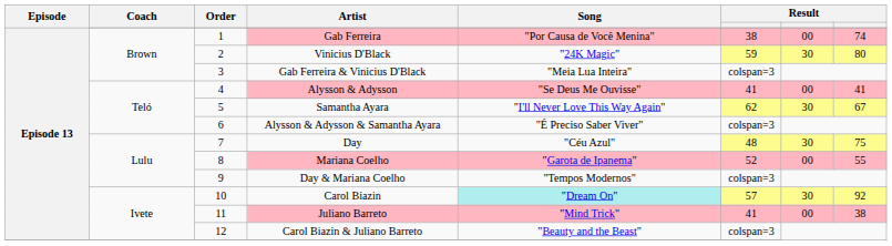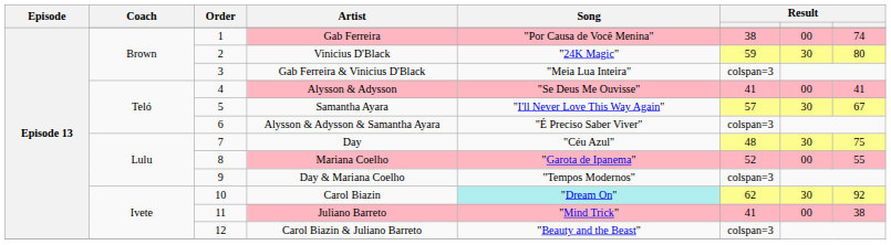 <table class="wikitable" style="text-align:center; width:100%;">
 <tr>
 <th scope="col" width="08%" rowspan=2>Episode</th>
 <th scope="col" width="10%" rowspan=2>Coach</th>
 <th scope="col" width="05%" rowspan=2>Order</th>
 <th scope="col" width="20%" rowspan=2>Artist</th>
 <th scope="col" width="25%" rowspan=2>Song</th>
 <th scope="col" width="15%" colspan=3>Result</th>
 </tr>
 <tr>
 <th scope="col" width="05%"></th>
 <th scope="col" width="05%"></th>
 <th scope="col" width="05%"></th>
 </tr>
 <tr>
 <th scope="col" rowspan=13>Episode 13<br></th>
 </tr>
 <tr>
 <td rowspan=3>Brown</td>
 <td>1</td>
 <td bgcolor=FFB6C1>Gab Ferreira</td>
 <td bgcolor=FFB6C1>"Por Causa de Você Menina"</td>
 <td bgcolor=FFB6C1>38</td>
 <td bgcolor=FFB6C1>00</td>
 <td bgcolor=FFB6C1>74</td>
 </tr>
 <tr>
 <td>2</td>
 <td>Vinicius D'Black</td>
 <td>"<a href='#'>24K Magic</a>"</td>
 <td bgcolor=FDFC8F>59</td>
 <td bgcolor=FDFC8F>30</td>
 <td bgcolor=FDFC8F>80</td>
 </tr>
 <tr>
 <td>3</td>
 <td>Gab Ferreira & Vinicius D'Black</td>
 <td>"Meia Lua Inteira"</td>
 <td>colspan=3 </td>
 </tr>
 <tr>
 <td rowspan=3>Teló</td>
 <td>4</td>
 <td bgcolor=FFB6C1>Alysson & Adysson</td>
 <td bgcolor=FFB6C1>"Se Deus Me Ouvisse"</td>
 <td bgcolor=FFB6C1>41</td>
 <td bgcolor=FFB6C1>00</td>
 <td bgcolor=FFB6C1>41</td>
 </tr>
 <tr>
 <td>5</td>
 <td>Samantha Ayara</td>
 <td>"<a href='#'>I'll Never Love This Way Again</a>"</td>
-<td bgcolor=FDFC8F>62</td>
+<td bgcolor=FDFC8F>57</td>
 <td bgcolor=FDFC8F>30</td>
 <td bgcolor=FDFC8F>67</td>
 </tr>
 <tr>
 <td>6</td>
 <td>Alysson & Adysson & Samantha Ayara</td>
 <td>"É Preciso Saber Viver"</td>
 <td>colspan=3 </td>
 </tr>
 <tr>
 <td rowspan=3>Lulu</td>
 <td>7</td>
 <td>Day</td>
 <td>"Céu Azul"</td>
 <td bgcolor=FDFC8F>48</td>
 <td bgcolor=FDFC8F>30</td>
 <td bgcolor=FDFC8F>75</td>
 </tr>
 <tr>
 <td>8</td>
 <td bgcolor=FFB6C1>Mariana Coelho</td>
 <td bgcolor=FFB6C1>"<a href='#'>Garota de Ipanema</a>"</td>
 <td bgcolor=FFB6C1>52</td>
 <td bgcolor=FFB6C1>00</td>
 <td bgcolor=FFB6C1>55</td>
 </tr>
 <tr>
 <td>9</td>
 <td>Day & Mariana Coelho</td>
 <td>"Tempos Modernos"</td>
 <td>colspan=3 </td>
 </tr>
 <tr>
 <td rowspan=3>Ivete</td>
 <td>10</td>
 <td>Carol Biazin</td>
 <td style="background: paleturquoise;">"<a href='#'>Dream On</a>"</td>
-<td bgcolor=FDFC8F>57</td>
+<td bgcolor=FDFC8F>62</td>
 <td bgcolor=FDFC8F>30</td>
 <td bgcolor=FDFC8F>92</td>
 </tr>
 <tr>
 <td>11</td>
 <td bgcolor=FFB6C1>Juliano Barreto</td>
 <td bgcolor=FFB6C1>"<a href='#'>Mind Trick</a>"</td>
 <td bgcolor=FFB6C1>41</td>
 <td bgcolor=FFB6C1>00</td>
 <td bgcolor=FFB6C1>38</td>
 </tr>
 <tr>
 <td>12</td>
 <td>Carol Biazin & Juliano Barreto</td>
 <td>"<a href='#'>Beauty and the Beast</a>"</td>
 <td>colspan=3 </td>
 </tr>
 <tr>
 </tr>
 </table>
